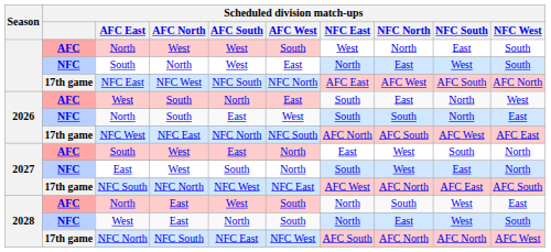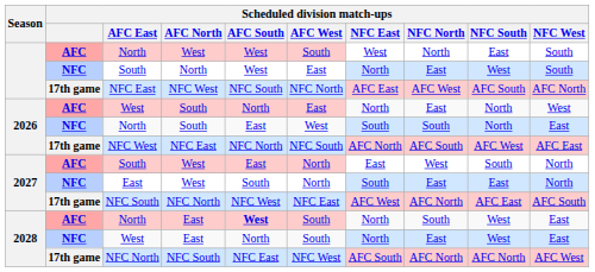 <table class="wikitable">
 <tr>
 <th rowspan="2">Season</th>
 <th colspan="9">Scheduled division match-ups</th>
 </tr>
 <tr>
 <th></th>
 <th><a href='#'>AFC East</a></th>
 <th><a href='#'>AFC North</a></th>
 <th><a href='#'>AFC South</a></th>
 <th><a href='#'>AFC West</a></th>
 <th><a href='#'>NFC East</a></th>
 <th><a href='#'>NFC North</a></th>
 <th><a href='#'>NFC South</a></th>
 <th><a href='#'>NFC West</a></th>
 </tr>
 <tr>
 <th rowspan="3"></th>
 <td bgcolor="FFA7A7" align="center"><strong><a href='#'>AFC</a></strong></td>
 <td bgcolor="ffcccc" align="center"><a href='#'>North</a></td>
 <td bgcolor="ffcccc" align="center"><a href='#'>West</a></td>
 <td bgcolor="ffcccc" align="center"><a href='#'>West</a></td>
 <td bgcolor="ffcccc" align="center"><a href='#'>South</a></td>
 <td bgcolor="ffffff" align="center"><a href='#'>West</a></td>
 <td bgcolor="ffffff" align="center"><a href='#'>North</a></td>
 <td bgcolor="ffffff" align="center"><a href='#'>East</a></td>
 <td bgcolor="ffffff" align="center"><a href='#'>South</a></td>
 </tr>
 <tr>
 <td bgcolor="B7D0FF" align="center"><strong><a href='#'>NFC</a></strong></td>
 <td bgcolor="ffffff" align="center"><a href='#'>South</a></td>
 <td bgcolor="ffffff" align="center"><a href='#'>North</a></td>
 <td bgcolor="ffffff" align="center"><a href='#'>West</a></td>
 <td bgcolor="ffffff" align="center"><a href='#'>East</a></td>
 <td bgcolor="d0e7ff" align="center"><a href='#'>North</a></td>
 <td bgcolor="d0e7ff" align="center"><a href='#'>East</a></td>
 <td bgcolor="d0e7ff" align="center"><a href='#'>West</a></td>
 <td bgcolor="d0e7ff" align="center"><a href='#'>South</a></td>
 </tr>
 <tr>
 <th>17th game</th>
 <td bgcolor="d0e7ff" align="center"><a href='#'>NFC East</a></td>
 <td bgcolor="d0e7ff" align="center"><a href='#'>NFC West</a></td>
 <td bgcolor="d0e7ff" align="center"><a href='#'>NFC South</a></td>
 <td bgcolor="d0e7ff" align="center"><a href='#'>NFC North</a></td>
 <td bgcolor="ffcccc" align="center"><a href='#'>AFC East</a></td>
 <td bgcolor="ffcccc" align="center"><a href='#'>AFC West</a></td>
 <td bgcolor="ffcccc" align="center"><a href='#'>AFC South</a></td>
 <td bgcolor="ffcccc" align="center"><a href='#'>AFC North</a></td>
 </tr>
 <tr>
 <th rowspan="3">2026</th>
 <td bgcolor="FFA7A7" align="center"><strong><a href='#'>AFC</a></strong></td>
 <td bgcolor="ffcccc" align="center"><a href='#'>West</a></td>
 <td bgcolor="ffcccc" align="center"><a href='#'>South</a></td>
 <td bgcolor="ffcccc" align="center"><a href='#'>North</a></td>
 <td bgcolor="ffcccc" align="center"><a href='#'>East</a></td>
-<td bgcolor="f9f9f9" align="center"><a href='#'>South</a></td>
+<td bgcolor="f9f9f9" align="center"><a href='#'>North</a></td>
 <td bgcolor="f9f9f9" align="center"><a href='#'>East</a></td>
 <td bgcolor="f9f9f9" align="center"><a href='#'>North</a></td>
 <td bgcolor="f9f9f9" align="center"><a href='#'>West</a></td>
 </tr>
 <tr>
 <td bgcolor="B7D0FF" align="center"><strong><a href='#'>NFC</a></strong></td>
 <td bgcolor="f9f9f9" align="center"><a href='#'>North</a></td>
 <td bgcolor="f9f9f9" align="center"><a href='#'>South</a></td>
 <td bgcolor="f9f9f9" align="center"><a href='#'>East</a></td>
 <td bgcolor="f9f9f9" align="center"><a href='#'>West</a></td>
 <td bgcolor="d0e7ff" align="center"><a href='#'>South</a></td>
 <td bgcolor="d0e7ff" align="center"><a href='#'>South</a></td>
 <td bgcolor="d0e7ff" align="center"><a href='#'>North</a></td>
 <td bgcolor="d0e7ff" align="center"><a href='#'>East</a></td>
 </tr>
 <tr>
 <th>17th game</th>
 <td bgcolor="d0e7ff" align="center"><a href='#'>NFC West</a></td>
 <td bgcolor="d0e7ff" align="center"><a href='#'>NFC East</a></td>
 <td bgcolor="d0e7ff" align="center"><a href='#'>NFC North</a></td>
 <td bgcolor="d0e7ff" align="center"><a href='#'>NFC South</a></td>
 <td bgcolor="ffcccc" align="center"><a href='#'>AFC North</a></td>
 <td bgcolor="ffcccc" align="center"><a href='#'>AFC South</a></td>
 <td bgcolor="ffcccc" align="center"><a href='#'>AFC West</a></td>
 <td bgcolor="ffcccc" align="center"><a href='#'>AFC East</a></td>
 </tr>
 <tr>
 <th rowspan="3">2027</th>
 <td bgcolor="FFA7A7" align="center"><strong><a href='#'>AFC</a></strong></td>
 <td bgcolor="ffcccc" align="center"><a href='#'>South</a></td>
 <td bgcolor="ffcccc" align="center"><a href='#'>West</a></td>
 <td bgcolor="ffcccc" align="center"><a href='#'>East</a></td>
 <td bgcolor="ffcccc" align="center"><a href='#'>North</a></td>
 <td bgcolor="ffffff" align="center"><a href='#'>East</a></td>
 <td bgcolor="ffffff" align="center"><a href='#'>West</a></td>
 <td bgcolor="ffffff" align="center"><a href='#'>South</a></td>
 <td bgcolor="ffffff" align="center"><a href='#'>North</a></td>
 </tr>
 <tr>
 <td bgcolor="B7D0FF" align="center"><strong><a href='#'>NFC</a></strong></td>
 <td bgcolor="ffffff" align="center"><a href='#'>East</a></td>
 <td bgcolor="ffffff" align="center"><a href='#'>West</a></td>
 <td bgcolor="ffffff" align="center"><a href='#'>South</a></td>
 <td bgcolor="ffffff" align="center"><a href='#'>North</a></td>
 <td bgcolor="d0e7ff" align="center"><a href='#'>South</a></td>
-<td bgcolor="d0e7ff" align="center"><a href='#'>West</a></td>
+<td bgcolor="d0e7ff" align="center"><a href='#'>East</a></td>
 <td bgcolor="d0e7ff" align="center"><a href='#'>East</a></td>
 <td bgcolor="d0e7ff" align="center"><a href='#'>North</a></td>
 </tr>
 <tr>
 <th>17th game</th>
 <td bgcolor="d0e7ff" align="center"><a href='#'>NFC South</a></td>
 <td bgcolor="d0e7ff" align="center"><a href='#'>NFC North</a></td>
 <td bgcolor="d0e7ff" align="center"><a href='#'>NFC West</a></td>
 <td bgcolor="d0e7ff" align="center"><a href='#'>NFC East</a></td>
 <td bgcolor="ffcccc" align="center"><a href='#'>AFC West</a></td>
 <td bgcolor="ffcccc" align="center"><a href='#'>AFC North</a></td>
 <td bgcolor="ffcccc" align="center"><a href='#'>AFC East</a></td>
 <td bgcolor="ffcccc" align="center"><a href='#'>AFC South</a></td>
 </tr>
 <tr>
 <th rowspan="3">2028</th>
 <td bgcolor="FFA7A7" align="center"><strong><a href='#'>AFC</a></strong></td>
 <td bgcolor="ffcccc" align="center"><a href='#'>North</a></td>
 <td bgcolor="ffcccc" align="center"><a href='#'>East</a></td>
-<td bgcolor="ffcccc" align="center"><a href='#'>West</a></td>
+<td bgcolor="ffcccc" align="center"><strong><a href='#'>West</a></strong></td>
 <td bgcolor="ffcccc" align="center"><a href='#'>South</a></td>
 <td bgcolor="f9f9f9" align="center"><a href='#'>North</a></td>
 <td bgcolor="f9f9f9" align="center"><a href='#'>South</a></td>
 <td bgcolor="f9f9f9" align="center"><a href='#'>West</a></td>
 <td bgcolor="f9f9f9" align="center"><a href='#'>East</a></td>
 </tr>
 <tr>
 <td bgcolor="B7D0FF" align="center"><strong><a href='#'>NFC</a></strong></td>
 <td bgcolor="f9f9f9" align="center"><a href='#'>West</a></td>
 <td bgcolor="f9f9f9" align="center"><a href='#'>East</a></td>
 <td bgcolor="f9f9f9" align="center"><a href='#'>North</a></td>
 <td bgcolor="f9f9f9" align="center"><a href='#'>South</a></td>
 <td bgcolor="d0e7ff" align="center"><a href='#'>North</a></td>
 <td bgcolor="d0e7ff" align="center"><a href='#'>East</a></td>
 <td bgcolor="d0e7ff" align="center"><a href='#'>West</a></td>
-<td bgcolor="d0e7ff" align="center"><a href='#'>South</a></td>
+<td bgcolor="d0e7ff" align="center"><a href='#'>East</a></td>
 </tr>
 <tr>
 <th>17th game</th>
 <td bgcolor="d0e7ff" align="center"><a href='#'>NFC North</a></td>
 <td bgcolor="d0e7ff" align="center"><a href='#'>NFC South</a></td>
 <td bgcolor="d0e7ff" align="center"><a href='#'>NFC East</a></td>
 <td bgcolor="d0e7ff" align="center"><a href='#'>NFC West</a></td>
 <td bgcolor="ffcccc" align="center"><a href='#'>AFC South</a></td>
 <td bgcolor="ffcccc" align="center"><a href='#'>AFC North</a></td>
 <td bgcolor="ffcccc" align="center"><a href='#'>AFC North</a></td>
 <td bgcolor="ffcccc" align="center"><a href='#'>AFC West</a></td>
 </tr>
 </table>
